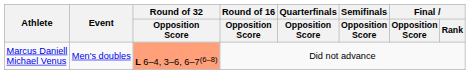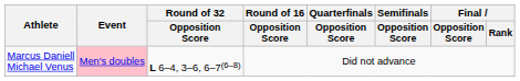 <table class=wikitable style="font-size:90%">
 <tr>
 <th rowspan="2">Athlete</th>
 <th rowspan="2">Event</th>
 <th>Round of 32</th>
 <th>Round of 16</th>
 <th>Quarterfinals</th>
 <th>Semifinals</th>
 <th colspan=2>Final / </th>
 </tr>
 <tr style="font-size:95%">
 <th>Opposition<br>Score</th>
 <th>Opposition<br>Score</th>
 <th>Opposition<br>Score</th>
 <th>Opposition<br>Score</th>
 <th>Opposition<br>Score</th>
 <th>Rank</th>
 </tr>
 <tr align=center>
 <td align=left><a href='#'>Marcus Daniell</a><br><a href='#'>Michael Venus</a></td>
-<td align=left><a href='#'>Men's doubles</a></td>
-<td style="background: lightsalmon;"><br><strong>L</strong> 6–4, 3–6, 6–7<sup>(6–8)</sup></td>
+<td align=left style="background: pink;"><a href='#'>Men's doubles</a></td>
+<td><br><strong>L</strong> 6–4, 3–6, 6–7<sup>(6–8)</sup></td>
 <td colspan=5>Did not advance</td>
 </tr>
 </table>
